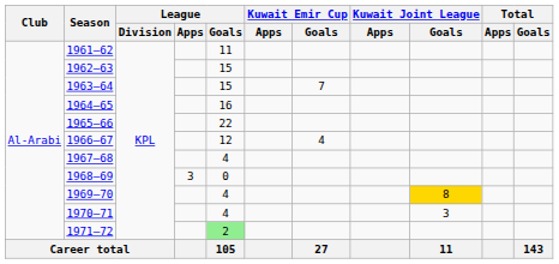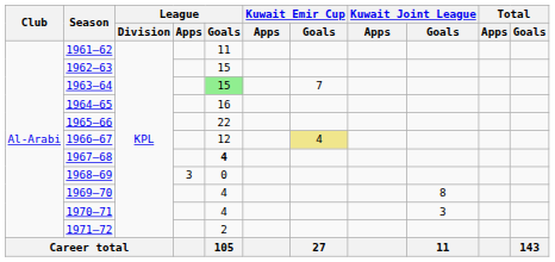 <table class="wikitable" style="text-align:center">
 <tr>
 <th rowspan="2">Club</th>
 <th rowspan="2">Season</th>
 <th colspan="3">League</th>
 <th colspan="2"><a href='#'>Kuwait Emir Cup</a></th>
 <th colspan="2"><a href='#'>Kuwait Joint League</a></th>
 <th colspan="2">Total</th>
 </tr>
 <tr>
 <th>Division</th>
 <th>Apps</th>
 <th>Goals</th>
 <th>Apps</th>
 <th>Goals</th>
 <th>Apps</th>
 <th>Goals</th>
 <th>Apps</th>
 <th>Goals</th>
 </tr>
 <tr align=center>
 <td rowspan="11" align=center valign=center><a href='#'>Al-Arabi</a></td>
 <td><a href='#'>1961–62</a></td>
 <td rowspan="11"><a href='#'>KPL</a></td>
 <td></td>
 <td>11</td>
 <td></td>
 <td></td>
 <td></td>
 <td></td>
 <td></td>
 <td></td>
 </tr>
 <tr>
 <td><a href='#'>1962–63</a></td>
 <td></td>
 <td>15</td>
 <td></td>
 <td></td>
 <td></td>
 <td></td>
 <td></td>
 <td></td>
 </tr>
 <tr>
 <td><a href='#'>1963–64</a></td>
 <td></td>
-<td>15</td>
+<td style="background: lightgreen;">15</td>
 <td></td>
 <td>7</td>
 <td></td>
 <td></td>
 <td></td>
 <td></td>
 </tr>
 <tr>
 <td><a href='#'>1964–65</a></td>
 <td></td>
 <td>16</td>
 <td></td>
 <td></td>
 <td></td>
 <td></td>
 <td></td>
 <td></td>
 </tr>
 <tr>
 <td><a href='#'>1965–66</a></td>
 <td></td>
 <td>22</td>
 <td></td>
 <td></td>
 <td></td>
 <td></td>
 <td></td>
 <td></td>
 </tr>
 <tr>
 <td><a href='#'>1966–67</a></td>
 <td></td>
 <td>12</td>
 <td></td>
-<td>4</td>
+<td style="background: khaki;">4</td>
 <td></td>
 <td></td>
 <td></td>
 <td></td>
 </tr>
 <tr>
 <td><a href='#'>1967–68</a></td>
 <td></td>
-<td>4</td>
+<td><strong>4</strong></td>
 <td></td>
 <td></td>
 <td></td>
 <td></td>
 <td></td>
 <td></td>
 </tr>
 <tr>
 <td><a href='#'>1968–69</a></td>
 <td>3</td>
 <td>0</td>
 <td></td>
 <td></td>
 <td></td>
 <td></td>
 <td></td>
 <td></td>
 </tr>
 <tr>
 <td><a href='#'>1969–70</a></td>
 <td></td>
 <td>4</td>
 <td></td>
 <td></td>
 <td></td>
-<td style="background: gold;">8</td>
+<td>8</td>
 <td></td>
 <td></td>
 </tr>
 <tr>
 <td><a href='#'>1970–71</a></td>
 <td></td>
 <td>4</td>
 <td></td>
 <td></td>
 <td></td>
 <td>3</td>
 <td></td>
 <td></td>
 </tr>
 <tr>
 <td><a href='#'>1971–72</a></td>
 <td></td>
-<td style="background: lightgreen;">2</td>
+<td>2</td>
 <td></td>
 <td></td>
 <td></td>
 <td></td>
 <td></td>
 <td></td>
 </tr>
 <tr align=center>
 <th colspan="3">Career total</th>
 <th></th>
 <th>105</th>
 <th></th>
 <th>27</th>
 <th></th>
 <th>11</th>
 <th></th>
 <th>143</th>
 </tr>
 </table>
